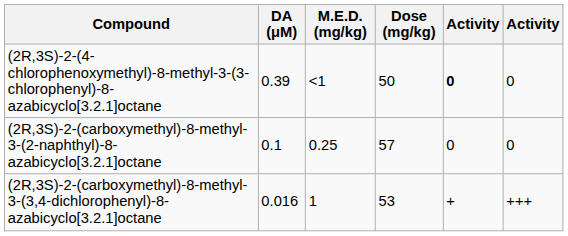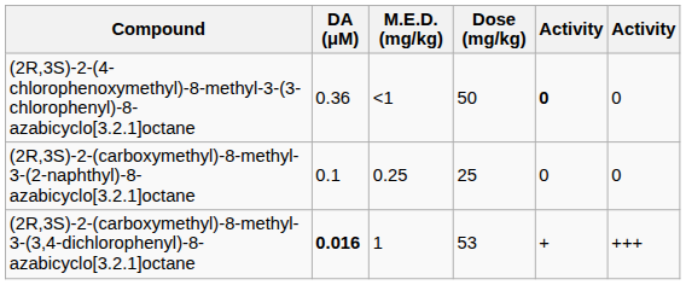 <table class="wikitable">
 <tr>
 <th>Compound</th>
 <th>DA (μM)</th>
 <th>M.E.D. (mg/kg)</th>
 <th>Dose (mg/kg)</th>
 <th>Activity</th>
 <th>Activity</th>
 </tr>
 <tr>
 <td>(2R,3S)-2-(4-chlorophenoxymethyl)-8-methyl-3-(3-chlorophenyl)-8-azabicyclo[3.2.1]octane</td>
-<td>0.39</td>
+<td>0.36</td>
 <td><1</td>
 <td>50</td>
 <td><strong>0</strong></td>
 <td>0</td>
 </tr>
 <tr>
 <td>(2R,3S)-2-(carboxymethyl)-8-methyl-3-(2-naphthyl)-8-azabicyclo[3.2.1]octane</td>
 <td>0.1</td>
 <td>0.25</td>
-<td>57</td>
+<td>25</td>
 <td>0</td>
 <td>0</td>
 </tr>
 <tr>
 <td>(2R,3S)-2-(carboxymethyl)-8-methyl-3-(3,4-dichlorophenyl)-8-azabicyclo[3.2.1]octane</td>
-<td>0.016</td>
+<td><strong>0.016</strong></td>
 <td>1</td>
 <td>53</td>
 <td>+</td>
 <td>+++</td>
 </tr>
 </table>
